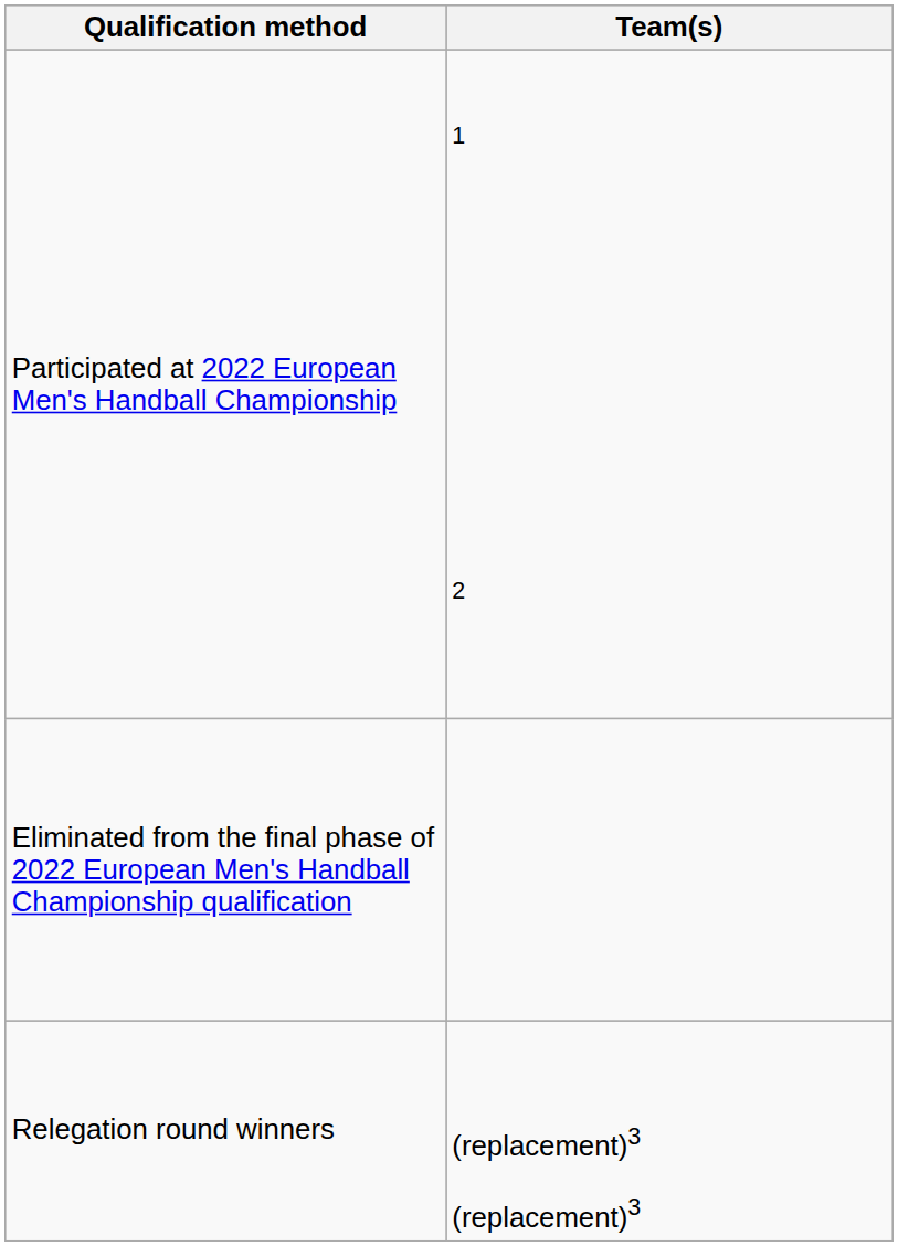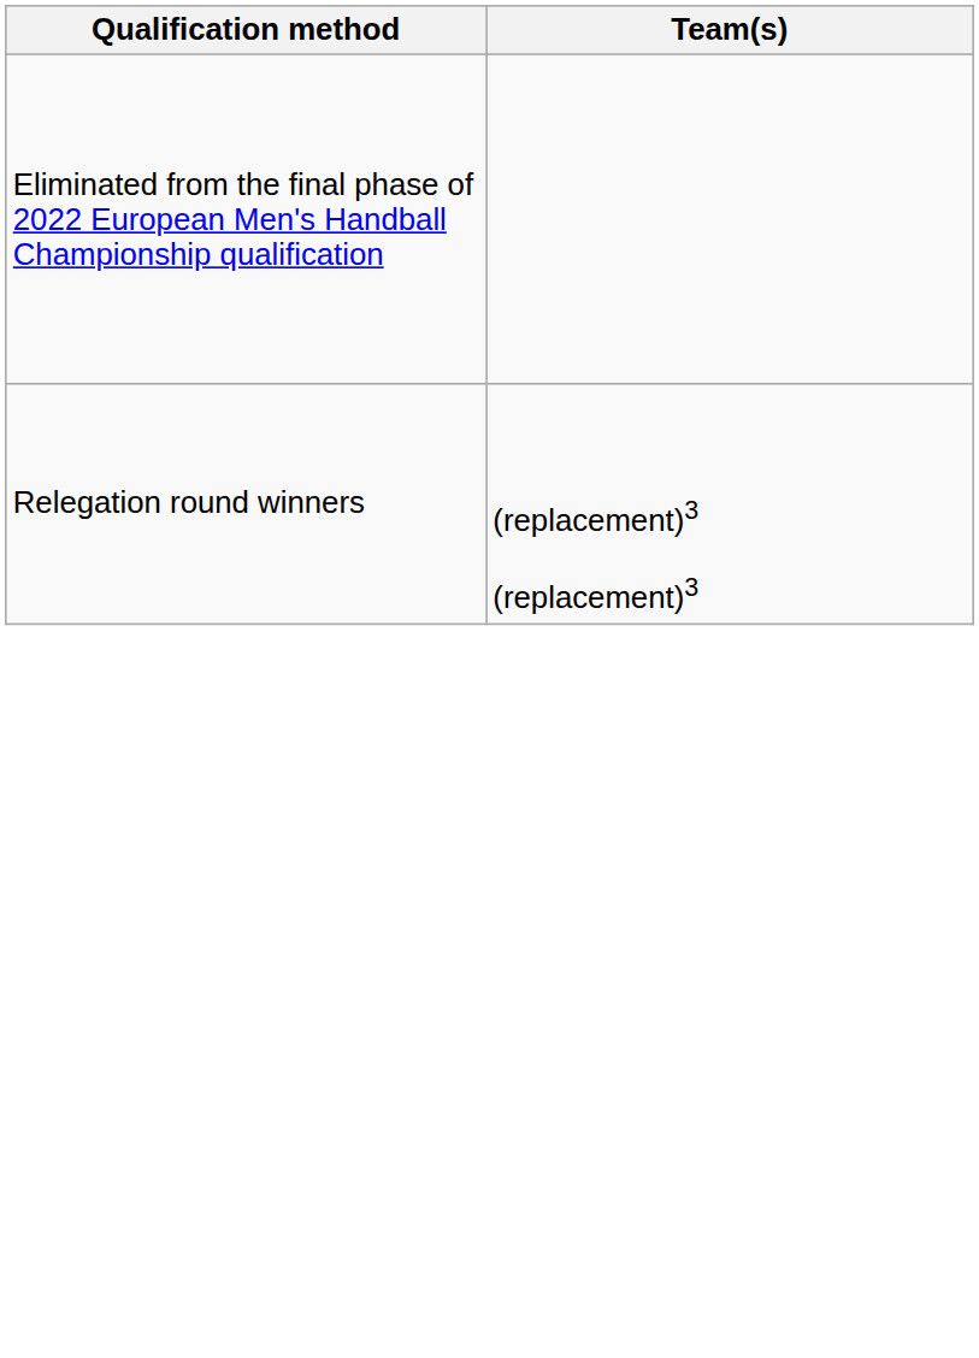 <table class="wikitable" style="width: 500px;">
 <tr>
 <th style="width: 20%;">Qualification method</th>
 <th style="width: 20%;">Team(s)</th>
-</tr>
-<tr>
-<td>Participated at <a href='#'>2022 European Men's Handball Championship</a></td>
-<td><br><br> <s></s><sup>1</sup><br> <br> <br> <br> <br> <br> <br> <br> <br> <br> <br> <br> <br> <br> <s></s><sup>2</sup><br> <br> <br> <br> </td>
 </tr>
 <tr>
 <td>Eliminated from the final phase of <a href='#'>2022 European Men's Handball Championship qualification</a></td>
 <td><br><br> <br> <br> <br> <br> <br> <br> <br></td>
 </tr>
 <tr>
 <td>Relegation round winners</td>
 <td><br><br> <br>  (replacement)<sup>3</sup><br> <br>  (replacement)<sup>3</sup><br> </td>
 </tr>
 </table>
